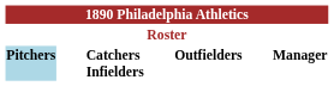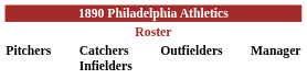 <table class="toccolours" style="font-size: 95%;">
 <tr>
 <th colspan="10" style="background-color: brown; color: white; text-align: center;">1890 Philadelphia Athletics</th>
 </tr>
 <tr>
 <td colspan="10" style="background-color: white; color: brown; text-align: center;"><strong>Roster</strong></td>
 </tr>
 <tr>
-<td valign="top" style="background: lightblue;"><strong>Pitchers</strong><br>    </td>
+<td valign="top"><strong>Pitchers</strong><br>    </td>
 <td width="25px"></td>
 <td valign="top"><strong>Catchers</strong><br>  <strong>Infielders</strong>     </td>
 <td width="25px"></td>
 <td valign="top"><strong>Outfielders</strong><br>   </td>
 <td width="25px"></td>
 <td valign="top"><strong>Manager</strong><br> </td>
 </tr>
 </table>
